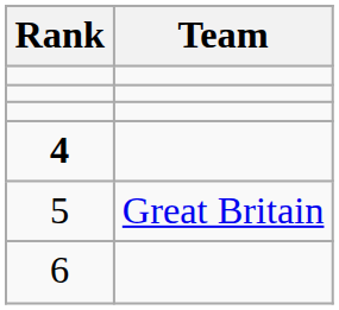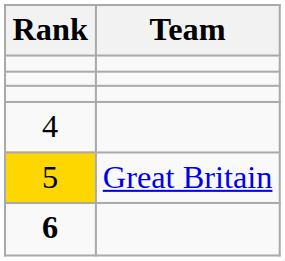 <table class=wikitable style="text-align:center;">
 <tr>
 <th>Rank</th>
 <th>Team</th>
 </tr>
 <tr>
 <td></td>
 <td align=left></td>
 </tr>
 <tr>
 <td></td>
 <td align=left></td>
 </tr>
 <tr>
 <td></td>
 <td align=left></td>
 </tr>
 <tr>
-<td><strong>4</strong></td>
+<td>4</td>
 <td align=left></td>
 </tr>
 <tr>
-<td>5</td>
+<td style="background: gold;">5</td>
 <td align=left> <a href='#'>Great Britain</a></td>
 </tr>
 <tr>
-<td>6</td>
+<td><strong>6</strong></td>
 <td align=left></td>
 </tr>
 </table>
